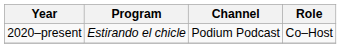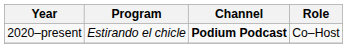 <table class="wikitable">
 <tr>
 <th>Year</th>
 <th>Program</th>
 <th>Channel</th>
 <th>Role</th>
 </tr>
 <tr>
 <td>2020–present</td>
 <td><em>Estirando el chicle</em></td>
-<td>Podium Podcast</td>
+<td><strong>Podium Podcast</strong></td>
 <td>Co–Host</td>
 </tr>
 <tr>
 </tr>
 </table>
